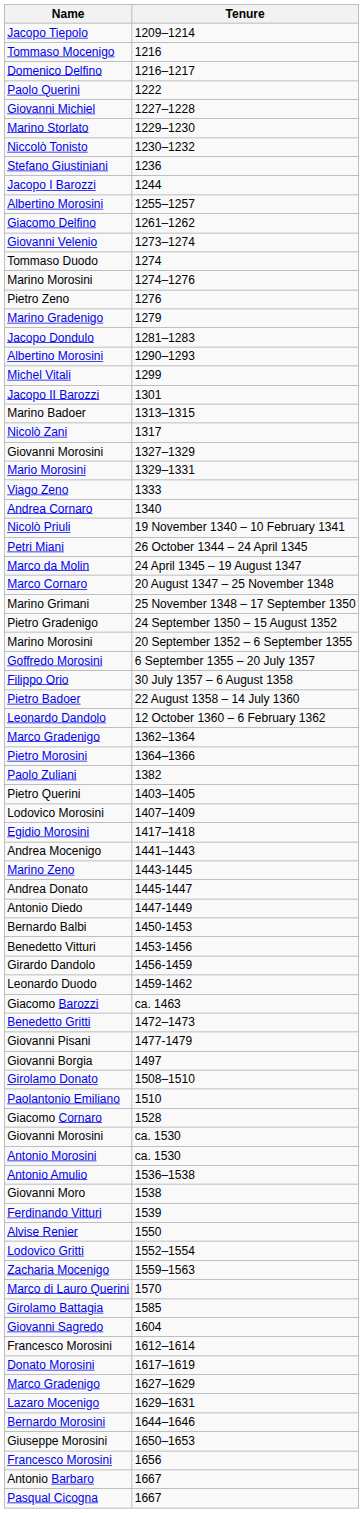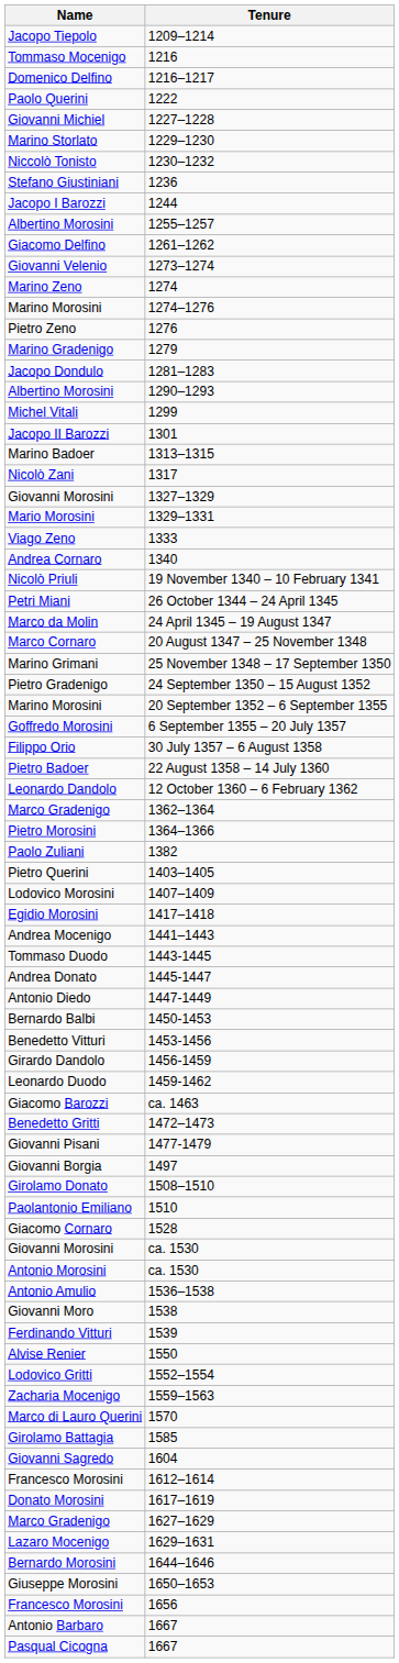 <table class="wikitable">
 <tr>
 <th>Name</th>
 <th>Tenure</th>
 </tr>
 <tr>
 <td><a href='#'>Jacopo Tiepolo</a></td>
 <td>1209–1214</td>
 </tr>
 <tr>
 <td><a href='#'>Tommaso Mocenigo</a></td>
 <td>1216</td>
 </tr>
 <tr>
 <td><a href='#'>Domenico Delfino</a></td>
 <td>1216–1217</td>
 </tr>
 <tr>
 <td><a href='#'>Paolo Querini</a></td>
 <td>1222</td>
 </tr>
 <tr>
 <td><a href='#'>Giovanni Michiel</a></td>
 <td>1227–1228</td>
 </tr>
 <tr>
 <td><a href='#'>Marino Storlato</a></td>
 <td>1229–1230</td>
 </tr>
 <tr>
 <td><a href='#'>Niccolò Tonisto</a></td>
 <td>1230–1232</td>
 </tr>
 <tr>
 <td><a href='#'>Stefano Giustiniani</a></td>
 <td>1236</td>
 </tr>
 <tr>
 <td><a href='#'>Jacopo I Barozzi</a></td>
 <td>1244</td>
 </tr>
 <tr>
 <td><a href='#'>Albertino Morosini</a></td>
 <td>1255–1257</td>
 </tr>
 <tr>
 <td><a href='#'>Giacomo Delfino</a></td>
 <td>1261–1262</td>
 </tr>
 <tr>
 <td><a href='#'>Giovanni Velenio</a></td>
 <td>1273–1274</td>
 </tr>
 <tr>
-<td>Tommaso Duodo</td>
+<td><a href='#'>Marino Zeno</a></td>
 <td>1274</td>
 </tr>
 <tr>
 <td>Marino Morosini</td>
 <td>1274–1276</td>
 </tr>
 <tr>
 <td>Pietro Zeno</td>
 <td>1276</td>
 </tr>
 <tr>
 <td><a href='#'>Marino Gradenigo</a></td>
 <td>1279</td>
 </tr>
 <tr>
 <td><a href='#'>Jacopo Dondulo</a></td>
 <td>1281–1283</td>
 </tr>
 <tr>
 <td><a href='#'>Albertino Morosini</a></td>
 <td>1290–1293</td>
 </tr>
 <tr>
 <td><a href='#'>Michel Vitali</a></td>
 <td>1299</td>
 </tr>
 <tr>
 <td><a href='#'>Jacopo II Barozzi</a></td>
 <td>1301</td>
 </tr>
 <tr>
 <td>Marino Badoer</td>
 <td>1313–1315</td>
 </tr>
 <tr>
 <td><a href='#'>Nicolò Zani</a></td>
 <td>1317</td>
 </tr>
 <tr>
 <td>Giovanni Morosini</td>
 <td>1327–1329</td>
 </tr>
 <tr>
 <td><a href='#'>Mario Morosini</a></td>
 <td>1329–1331</td>
 </tr>
 <tr>
 <td><a href='#'>Viago Zeno</a></td>
 <td>1333</td>
 </tr>
 <tr>
 <td><a href='#'>Andrea Cornaro</a></td>
 <td>1340</td>
 </tr>
 <tr>
 <td><a href='#'>Nicolò Priuli</a></td>
 <td>19 November 1340 – 10 February 1341</td>
 </tr>
 <tr>
 <td><a href='#'>Petri Miani</a></td>
 <td>26 October 1344 – 24 April 1345</td>
 </tr>
 <tr>
 <td><a href='#'>Marco da Molin</a></td>
 <td>24 April 1345 – 19 August 1347</td>
 </tr>
 <tr>
 <td><a href='#'>Marco Cornaro</a></td>
 <td>20 August 1347 – 25 November 1348</td>
 </tr>
 <tr>
 <td>Marino Grimani</td>
 <td>25 November 1348 – 17 September 1350</td>
 </tr>
 <tr>
 <td>Pietro Gradenigo</td>
 <td>24 September 1350 – 15 August 1352</td>
 </tr>
 <tr>
 <td>Marino Morosini</td>
 <td>20 September 1352 – 6 September 1355</td>
 </tr>
 <tr>
 <td><a href='#'>Goffredo Morosini</a></td>
 <td>6 September 1355 – 20 July 1357</td>
 </tr>
 <tr>
 <td><a href='#'>Filippo Orio</a></td>
 <td>30 July 1357 – 6 August 1358</td>
 </tr>
 <tr>
 <td><a href='#'>Pietro Badoer</a></td>
 <td>22 August 1358 – 14 July 1360</td>
 </tr>
 <tr>
 <td><a href='#'>Leonardo Dandolo</a></td>
 <td>12 October 1360 – 6 February 1362</td>
 </tr>
 <tr>
 <td><a href='#'>Marco Gradenigo</a></td>
 <td>1362–1364</td>
 </tr>
 <tr>
 <td><a href='#'>Pietro Morosini</a></td>
 <td>1364–1366</td>
 </tr>
 <tr>
 <td><a href='#'>Paolo Zuliani</a></td>
 <td>1382</td>
 </tr>
 <tr>
 <td>Pietro Querini</td>
 <td>1403–1405</td>
 </tr>
 <tr>
 <td>Lodovico Morosini</td>
 <td>1407–1409</td>
 </tr>
 <tr>
 <td><a href='#'>Egidio Morosini</a></td>
 <td>1417–1418</td>
 </tr>
 <tr>
 <td>Andrea Mocenigo</td>
 <td>1441–1443</td>
 </tr>
 <tr>
-<td><a href='#'>Marino Zeno</a></td>
+<td>Tommaso Duodo</td>
 <td>1443-1445</td>
 </tr>
 <tr>
 <td>Andrea Donato</td>
 <td>1445-1447</td>
 </tr>
 <tr>
 <td>Antonio Diedo</td>
 <td>1447-1449</td>
 </tr>
 <tr>
 <td>Bernardo Balbi</td>
 <td>1450-1453</td>
 </tr>
 <tr>
 <td>Benedetto Vitturi</td>
 <td>1453-1456</td>
 </tr>
 <tr>
 <td>Girardo Dandolo</td>
 <td>1456-1459</td>
 </tr>
 <tr>
 <td>Leonardo Duodo</td>
 <td>1459-1462</td>
 </tr>
 <tr>
 <td>Giacomo <a href='#'>Barozzi</a></td>
 <td>ca. 1463</td>
 </tr>
 <tr>
 <td><a href='#'>Benedetto Gritti</a></td>
 <td>1472–1473</td>
 </tr>
 <tr>
 <td>Giovanni Pisani</td>
 <td>1477-1479</td>
 </tr>
 <tr>
 <td>Giovanni Borgia</td>
 <td>1497</td>
 </tr>
 <tr>
 <td><a href='#'>Girolamo Donato</a></td>
 <td>1508–1510</td>
 </tr>
 <tr>
 <td><a href='#'>Paolantonio Emiliano</a></td>
 <td>1510</td>
 </tr>
 <tr>
 <td>Giacomo <a href='#'>Cornaro</a></td>
 <td>1528</td>
 </tr>
 <tr>
 <td>Giovanni Morosini</td>
 <td>ca. 1530</td>
 </tr>
 <tr>
 <td><a href='#'>Antonio Morosini</a></td>
 <td>ca. 1530</td>
 </tr>
 <tr>
 <td><a href='#'>Antonio Amulio</a></td>
 <td>1536–1538</td>
 </tr>
 <tr>
 <td>Giovanni Moro</td>
 <td>1538</td>
 </tr>
 <tr>
 <td><a href='#'>Ferdinando Vitturi</a></td>
 <td>1539</td>
 </tr>
 <tr>
 <td><a href='#'>Alvise Renier</a></td>
 <td>1550</td>
 </tr>
 <tr>
 <td><a href='#'>Lodovico Gritti</a></td>
 <td>1552–1554</td>
 </tr>
 <tr>
 <td><a href='#'>Zacharia Mocenigo</a></td>
 <td>1559–1563</td>
 </tr>
 <tr>
 <td><a href='#'>Marco di Lauro Querini</a></td>
 <td>1570</td>
 </tr>
 <tr>
 <td><a href='#'>Girolamo Battagia</a></td>
 <td>1585</td>
 </tr>
 <tr>
 <td><a href='#'>Giovanni Sagredo</a></td>
 <td>1604</td>
 </tr>
 <tr>
 <td>Francesco Morosini</td>
 <td>1612–1614</td>
 </tr>
 <tr>
 <td><a href='#'>Donato Morosini</a></td>
 <td>1617–1619</td>
 </tr>
 <tr>
 <td><a href='#'>Marco Gradenigo</a></td>
 <td>1627–1629</td>
 </tr>
 <tr>
 <td><a href='#'>Lazaro Mocenigo</a></td>
 <td>1629–1631</td>
 </tr>
 <tr>
 <td><a href='#'>Bernardo Morosini</a></td>
 <td>1644–1646</td>
 </tr>
 <tr>
 <td>Giuseppe Morosini</td>
 <td>1650–1653</td>
 </tr>
 <tr>
 <td><a href='#'>Francesco Morosini</a></td>
 <td>1656</td>
 </tr>
 <tr>
 <td>Antonio <a href='#'>Barbaro</a></td>
 <td>1667</td>
 </tr>
 <tr>
 <td><a href='#'>Pasqual Cicogna</a></td>
 <td>1667</td>
 </tr>
 </table>
